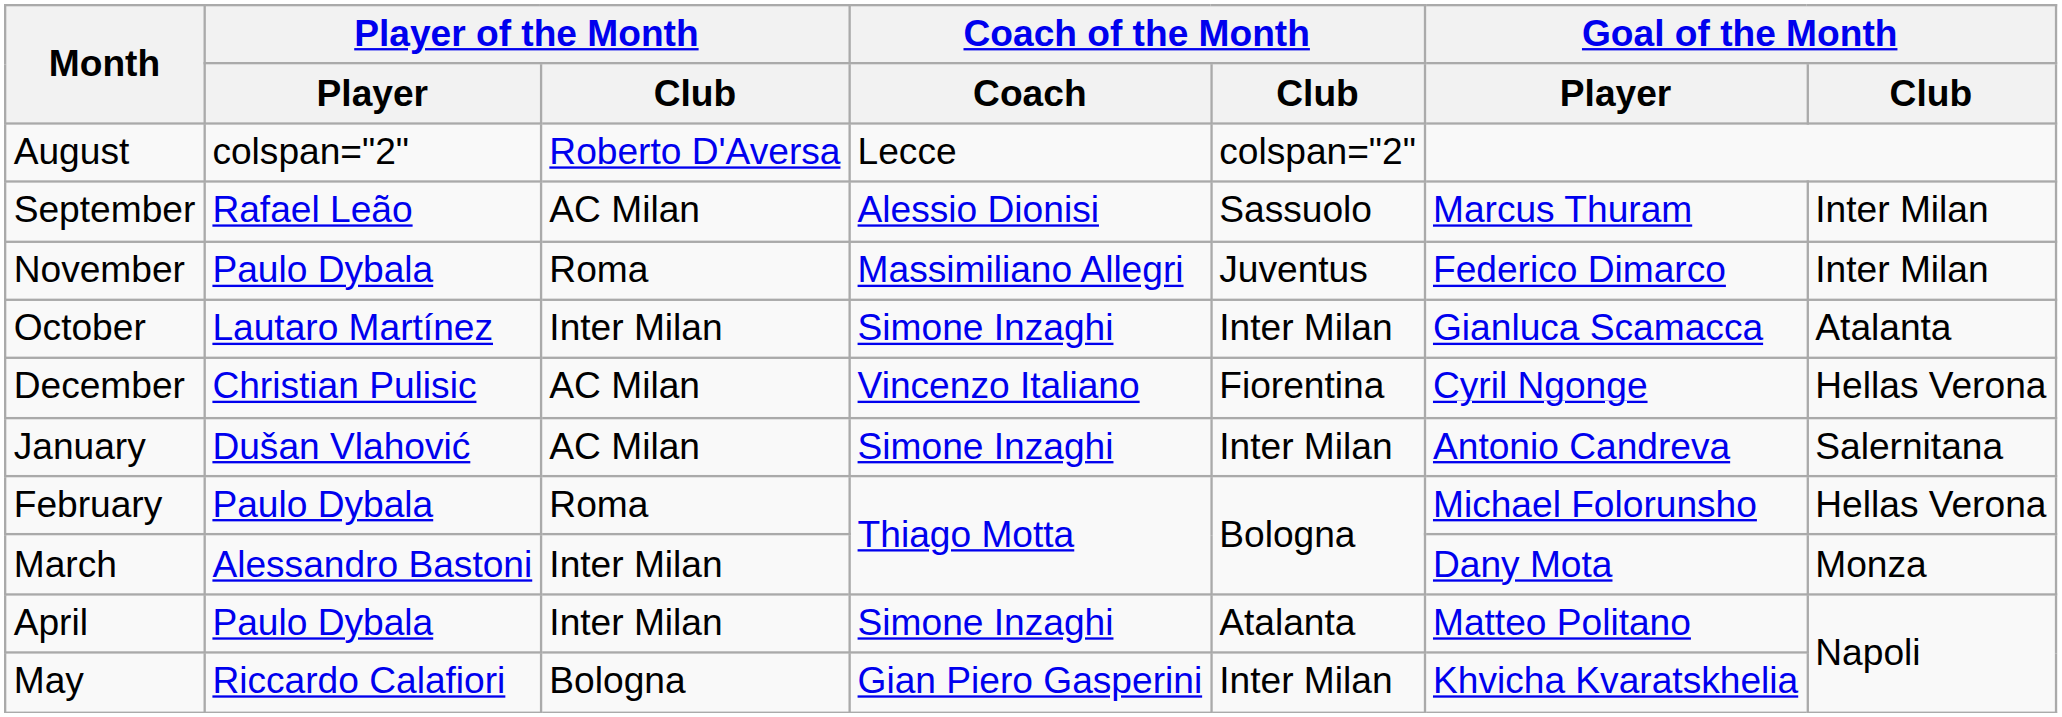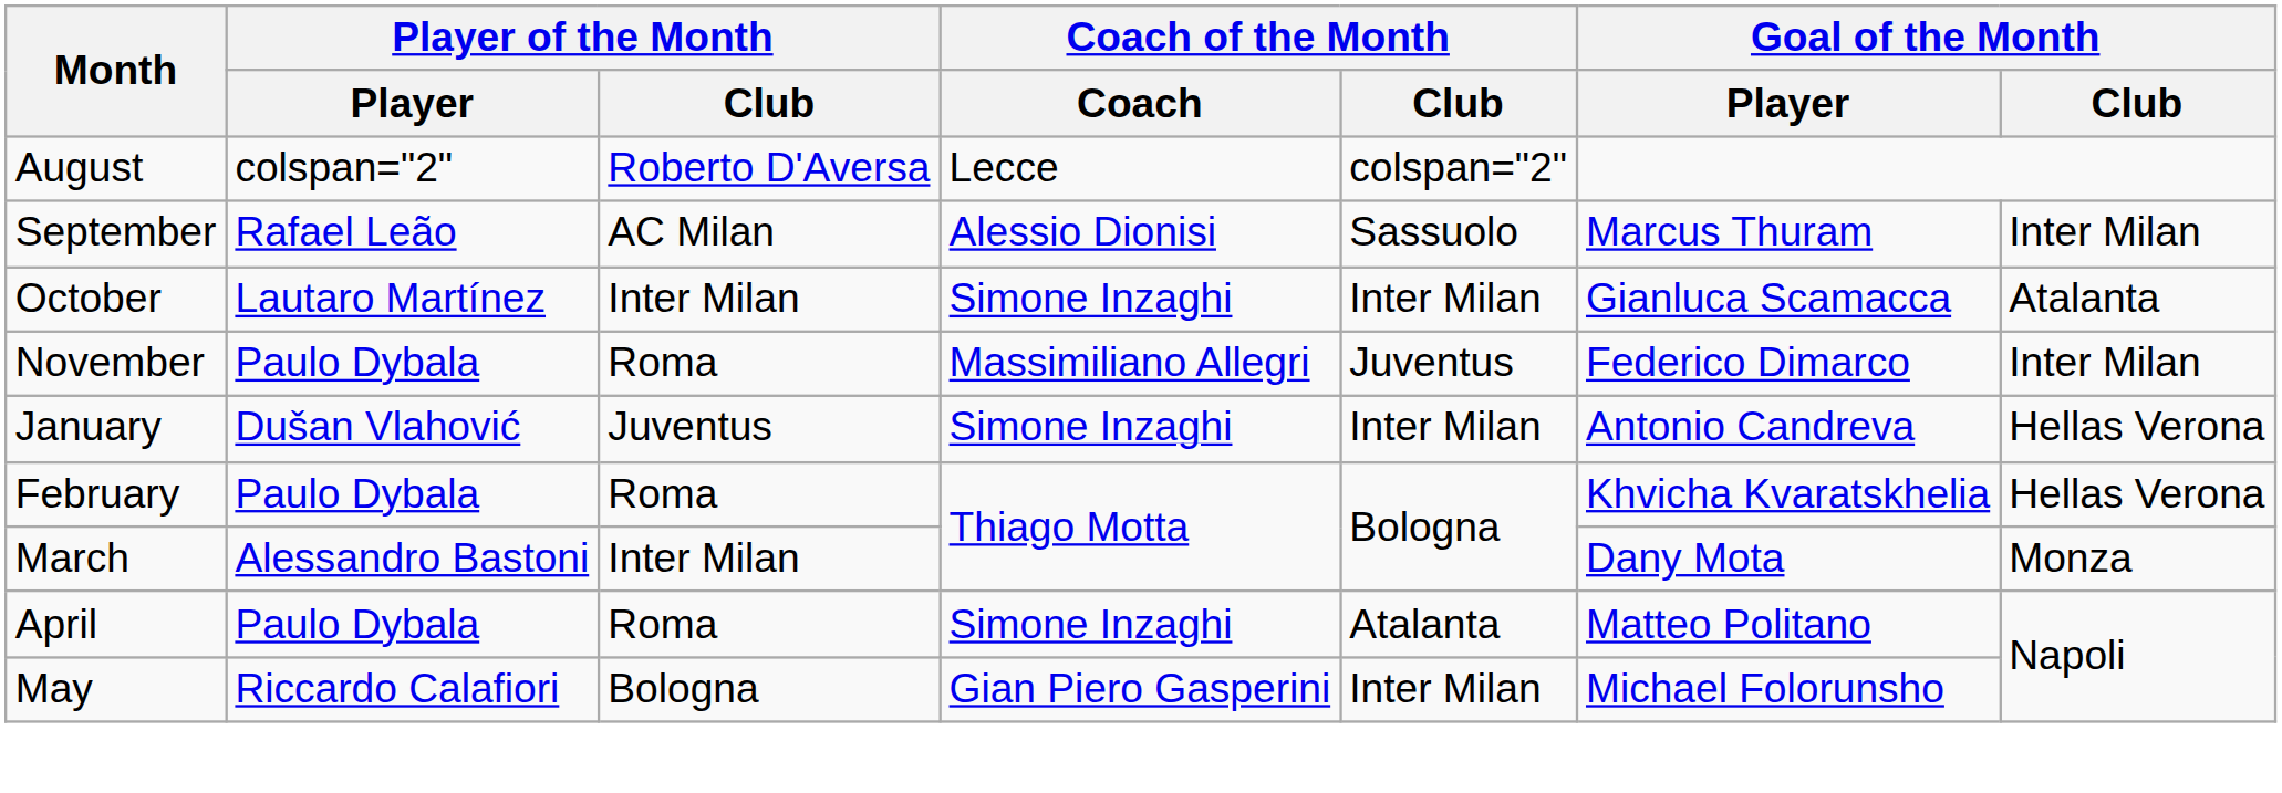 <table class="wikitable">
 <tr>
 <th rowspan="2">Month</th>
 <th colspan="2"><a href='#'>Player of the Month</a></th>
 <th colspan="2"><a href='#'>Coach of the Month</a></th>
 <th colspan="2"><a href='#'>Goal of the Month</a></th>
 </tr>
 <tr>
 <th>Player</th>
 <th>Club</th>
 <th>Coach</th>
 <th>Club</th>
 <th>Player</th>
 <th>Club</th>
 </tr>
 <tr>
 <td>August</td>
 <td>colspan="2" </td>
 <td> <a href='#'>Roberto D'Aversa</a></td>
 <td>Lecce</td>
 <td>colspan="2" </td>
 </tr>
 <tr>
 <td>September</td>
 <td> <a href='#'>Rafael Leão</a></td>
 <td>AC Milan</td>
 <td> <a href='#'>Alessio Dionisi</a></td>
 <td>Sassuolo</td>
 <td> <a href='#'>Marcus Thuram</a></td>
 <td>Inter Milan</td>
 </tr>
 <tr>
+<td>October</td>
+<td> <a href='#'>Lautaro Martínez</a></td>
+<td>Inter Milan</td>
+<td> <a href='#'>Simone Inzaghi</a></td>
+<td>Inter Milan</td>
+<td> <a href='#'>Gianluca Scamacca</a></td>
+<td>Atalanta</td>
+</tr>
+<tr>
 <td>November</td>
 <td> <a href='#'>Paulo Dybala</a></td>
 <td>Roma</td>
 <td> <a href='#'>Massimiliano Allegri</a></td>
 <td>Juventus</td>
 <td> <a href='#'>Federico Dimarco</a></td>
 <td>Inter Milan</td>
 </tr>
 <tr>
-<td>October</td>
-<td> <a href='#'>Lautaro Martínez</a></td>
-<td>Inter Milan</td>
-<td> <a href='#'>Simone Inzaghi</a></td>
-<td>Inter Milan</td>
-<td> <a href='#'>Gianluca Scamacca</a></td>
-<td>Atalanta</td>
-</tr>
-<tr>
-<td>December</td>
-<td> <a href='#'>Christian Pulisic</a></td>
-<td>AC Milan</td>
-<td> <a href='#'>Vincenzo Italiano</a></td>
-<td>Fiorentina</td>
-<td> <a href='#'>Cyril Ngonge</a></td>
-<td>Hellas Verona</td>
-</tr>
-<tr>
 <td>January</td>
 <td> <a href='#'>Dušan Vlahović</a></td>
-<td>AC Milan</td>
+<td>Juventus</td>
 <td> <a href='#'>Simone Inzaghi</a></td>
 <td>Inter Milan</td>
 <td> <a href='#'>Antonio Candreva</a></td>
-<td>Salernitana</td>
+<td>Hellas Verona</td>
 </tr>
 <tr>
 <td>February</td>
 <td> <a href='#'>Paulo Dybala</a></td>
 <td>Roma</td>
 <td rowspan="2"> <a href='#'>Thiago Motta</a></td>
 <td rowspan="2">Bologna</td>
-<td> <a href='#'>Michael Folorunsho</a></td>
+<td> <a href='#'>Khvicha Kvaratskhelia</a></td>
 <td>Hellas Verona</td>
 </tr>
 <tr>
 <td>March</td>
 <td> <a href='#'>Alessandro Bastoni</a></td>
 <td>Inter Milan</td>
 <td> <a href='#'>Dany Mota</a></td>
 <td>Monza</td>
 </tr>
 <tr>
 <td>April</td>
 <td> <a href='#'>Paulo Dybala</a></td>
-<td>Inter Milan</td>
+<td>Roma</td>
 <td> <a href='#'>Simone Inzaghi</a></td>
 <td>Atalanta</td>
 <td> <a href='#'>Matteo Politano</a></td>
 <td rowspan="2">Napoli</td>
 </tr>
 <tr>
 <td>May</td>
 <td> <a href='#'>Riccardo Calafiori</a></td>
 <td>Bologna</td>
 <td> <a href='#'>Gian Piero Gasperini</a></td>
 <td>Inter Milan</td>
-<td> <a href='#'>Khvicha Kvaratskhelia</a></td>
+<td> <a href='#'>Michael Folorunsho</a></td>
 </tr>
 </table>
